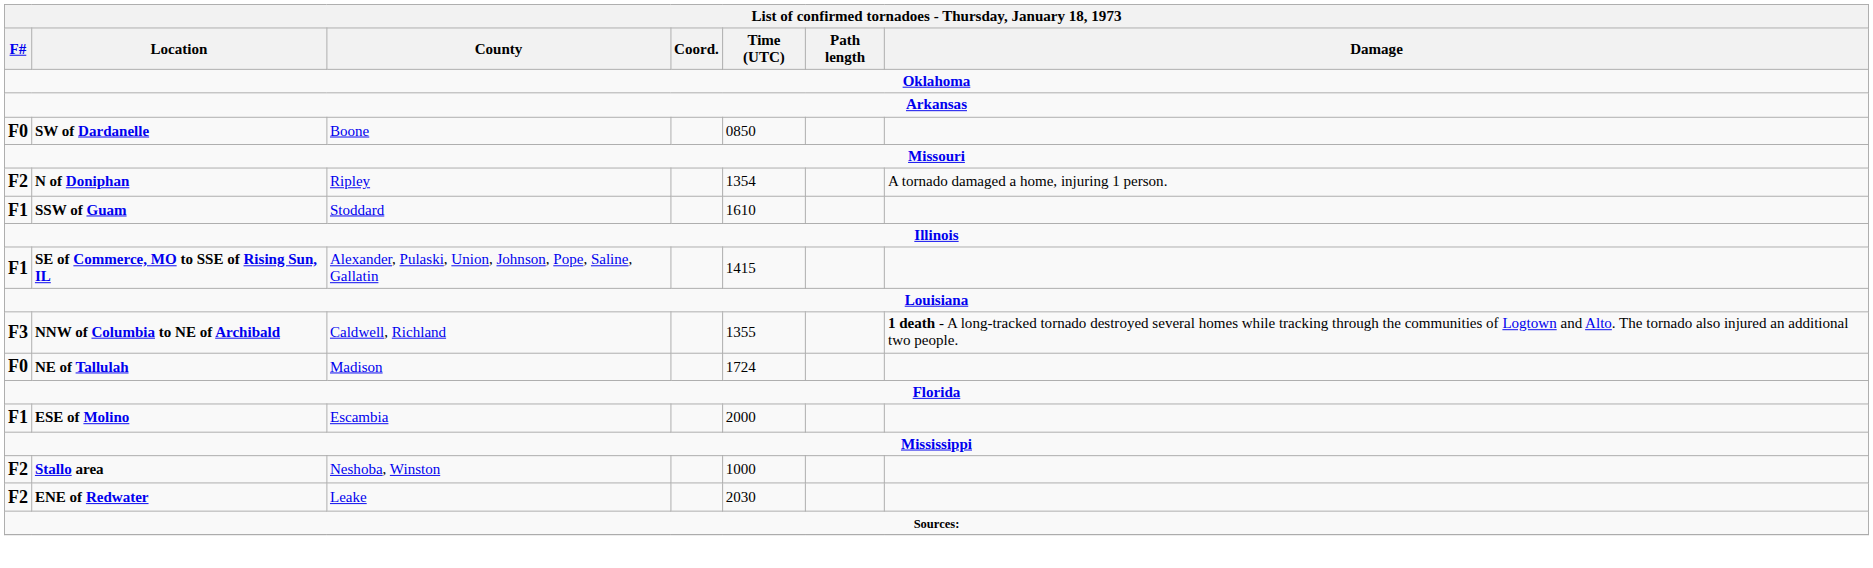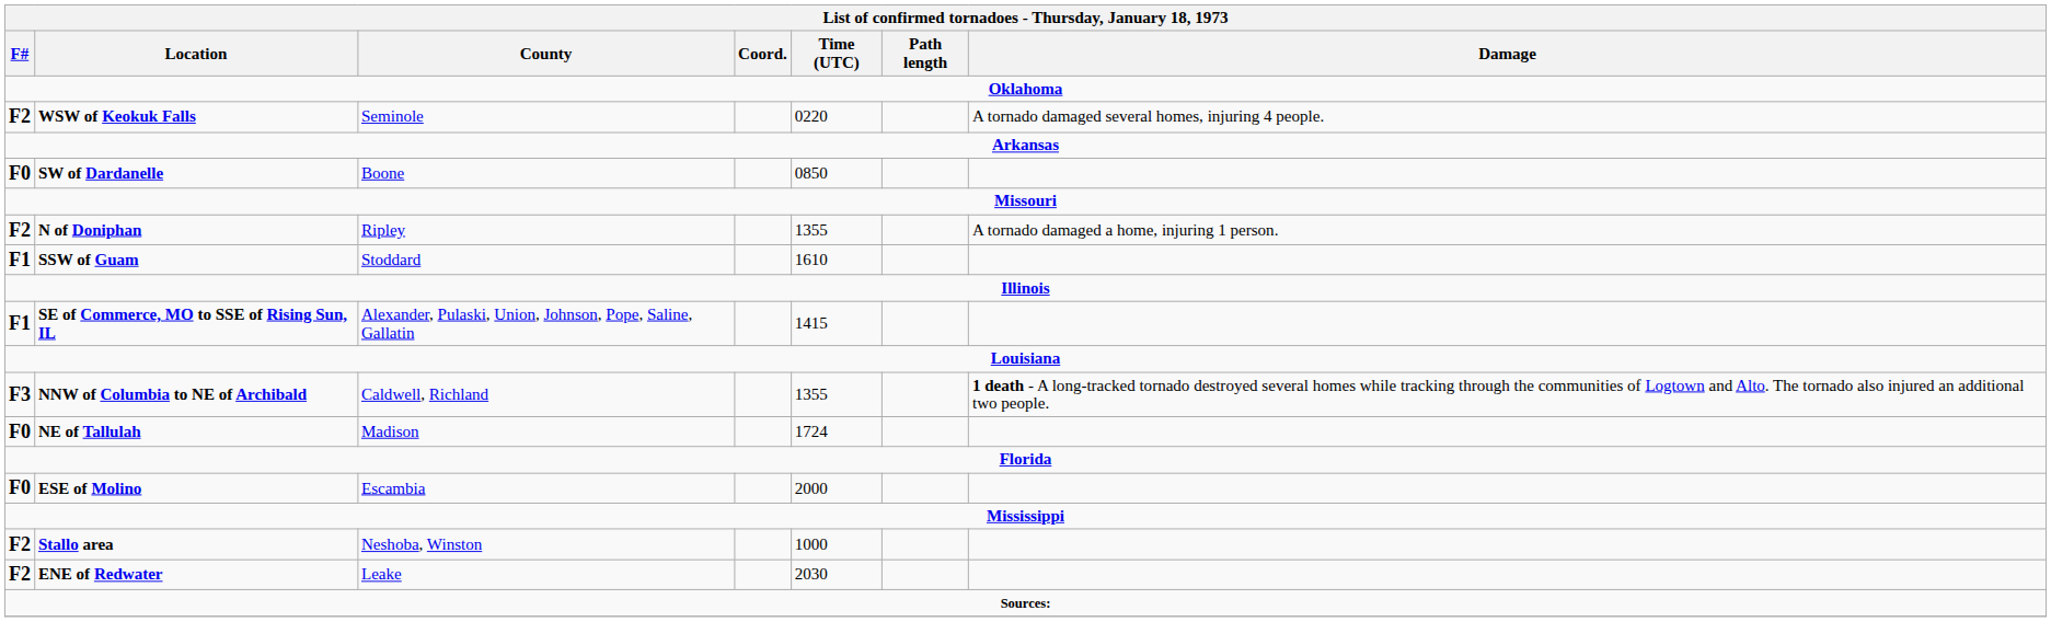 <table class="wikitable collapsible" width="100%">
 <tr>
 <th colspan="7">List of confirmed tornadoes - Thursday, January 18, 1973</th>
 </tr>
 <tr>
 <th><a href='#'>F#</a></th>
 <th>Location</th>
 <th>County</th>
 <th>Coord.</th>
 <th>Time (UTC)</th>
 <th>Path length</th>
 <th>Damage</th>
 </tr>
 <tr>
 <td colspan="7" align=center><strong><a href='#'>Oklahoma</a></strong></td>
+</tr>
+<tr>
+<td><big><strong>F2</strong></big></td>
+<td><strong>WSW of <a href='#'>Keokuk Falls</a></strong></td>
+<td><a href='#'>Seminole</a></td>
+<td></td>
+<td>0220</td>
+<td></td>
+<td>A tornado damaged several homes, injuring 4 people.</td>
 </tr>
 <tr>
 <td colspan="7" align=center><strong><a href='#'>Arkansas</a></strong></td>
 </tr>
 <tr>
 <td><big><strong>F0</strong></big></td>
 <td><strong>SW of <a href='#'>Dardanelle</a></strong></td>
 <td><a href='#'>Boone</a></td>
 <td></td>
 <td>0850</td>
 <td></td>
 <td></td>
 </tr>
 <tr>
 <td colspan="7" align=center><strong><a href='#'>Missouri</a></strong></td>
 </tr>
 <tr>
 <td><big><strong>F2</strong></big></td>
 <td><strong>N of <a href='#'>Doniphan</a></strong></td>
 <td><a href='#'>Ripley</a></td>
 <td></td>
-<td>1354</td>
+<td>1355</td>
 <td></td>
 <td>A tornado damaged a home, injuring 1 person.</td>
 </tr>
 <tr>
 <td><big><strong>F1</strong></big></td>
 <td><strong>SSW of <a href='#'>Guam</a></strong></td>
 <td><a href='#'>Stoddard</a></td>
 <td></td>
 <td>1610</td>
 <td></td>
 <td></td>
 </tr>
 <tr>
 <td colspan="7" align=center><strong><a href='#'>Illinois</a></strong></td>
 </tr>
 <tr>
 <td><big><strong>F1</strong></big></td>
 <td><strong>SE of <a href='#'>Commerce, MO</a> to SSE of <a href='#'>Rising Sun, IL</a></strong></td>
 <td><a href='#'>Alexander</a>, <a href='#'>Pulaski</a>, <a href='#'>Union</a>, <a href='#'>Johnson</a>, <a href='#'>Pope</a>, <a href='#'>Saline</a>, <a href='#'>Gallatin</a></td>
 <td></td>
 <td>1415</td>
 <td></td>
 <td></td>
 </tr>
 <tr>
 <td colspan="7" align=center><strong><a href='#'>Louisiana</a></strong></td>
 </tr>
 <tr>
 <td><big><strong>F3</strong></big></td>
 <td><strong>NNW of <a href='#'>Columbia</a> to NE of <a href='#'>Archibald</a></strong></td>
 <td><a href='#'>Caldwell</a>, <a href='#'>Richland</a></td>
 <td></td>
 <td>1355</td>
 <td></td>
 <td><strong>1 death</strong> - A long-tracked tornado destroyed several homes while tracking through the communities of <a href='#'>Logtown</a> and <a href='#'>Alto</a>. The tornado also injured an additional two people.</td>
 </tr>
 <tr>
 <td><big><strong>F0</strong></big></td>
 <td><strong>NE of <a href='#'>Tallulah</a></strong></td>
 <td><a href='#'>Madison</a></td>
 <td></td>
 <td>1724</td>
 <td></td>
 <td></td>
 </tr>
 <tr>
 <td colspan="7" align=center><strong><a href='#'>Florida</a></strong></td>
 </tr>
 <tr>
-<td><big><strong>F1</strong></big></td>
+<td><big><strong>F0</strong></big></td>
 <td><strong>ESE of <a href='#'>Molino</a></strong></td>
 <td><a href='#'>Escambia</a></td>
 <td></td>
 <td>2000</td>
 <td></td>
 <td></td>
 </tr>
 <tr>
 <td colspan="7" align=center><strong><a href='#'>Mississippi</a></strong></td>
 </tr>
 <tr>
 <td><big><strong>F2</strong></big></td>
 <td><strong><a href='#'>Stallo</a> area</strong></td>
 <td><a href='#'>Neshoba</a>, <a href='#'>Winston</a></td>
 <td></td>
 <td>1000</td>
 <td></td>
 <td></td>
 </tr>
 <tr>
 <td><big><strong>F2</strong></big></td>
 <td><strong>ENE of <a href='#'>Redwater</a></strong></td>
 <td><a href='#'>Leake</a></td>
 <td></td>
 <td>2030</td>
 <td></td>
 <td></td>
 </tr>
 <tr>
 <td colspan="7" align=center><small><strong>Sources:</strong> </small></td>
 </tr>
 <tr>
 </tr>
 </table>
